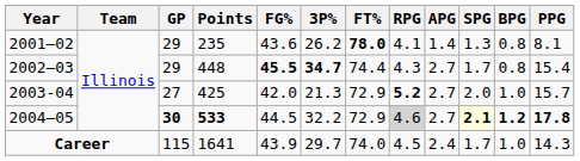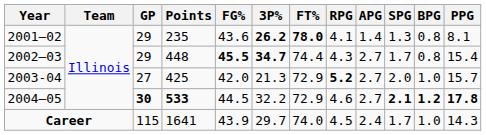 <table class="wikitable sortable">
 <tr>
 <th>Year</th>
 <th>Team</th>
 <th>GP</th>
 <th>Points</th>
 <th>FG%</th>
 <th>3P%</th>
 <th>FT%</th>
 <th>RPG</th>
 <th>APG</th>
 <th>SPG</th>
 <th>BPG</th>
 <th>PPG</th>
 </tr>
 <tr>
 <td>2001–02</td>
 <td rowspan=4><a href='#'>Illinois</a></td>
 <td>29</td>
 <td>235</td>
 <td>43.6</td>
-<td>26.2</td>
+<td><strong>26.2</strong></td>
 <td><strong>78.0</strong></td>
 <td>4.1</td>
 <td>1.4</td>
 <td>1.3</td>
 <td>0.8</td>
 <td>8.1</td>
 </tr>
 <tr>
 <td>2002–03</td>
 <td>29</td>
 <td>448</td>
 <td><strong>45.5</strong></td>
 <td><strong>34.7</strong></td>
 <td>74.4</td>
 <td>4.3</td>
 <td>2.7</td>
 <td>1.7</td>
 <td>0.8</td>
 <td>15.4</td>
 </tr>
 <tr>
 <td>2003-04</td>
 <td>27</td>
 <td>425</td>
 <td>42.0</td>
 <td>21.3</td>
 <td>72.9</td>
 <td><strong>5.2</strong></td>
 <td>2.7</td>
 <td>2.0</td>
 <td>1.0</td>
 <td>15.7</td>
 </tr>
 <tr>
 <td>2004–05</td>
 <td><strong>30</strong></td>
 <td><strong>533</strong></td>
 <td>44.5</td>
 <td>32.2</td>
 <td>72.9</td>
-<td style="background: lightgrey;">4.6</td>
+<td>4.6</td>
 <td>2.7</td>
-<td style="background: lightyellow;"><strong>2.1</strong></td>
+<td><strong>2.1</strong></td>
 <td><strong>1.2</strong></td>
 <td><strong>17.8</strong></td>
 </tr>
 <tr class="sortbottom">
 <td colspan=2 align=center><strong>Career</strong></td>
 <td>115</td>
 <td>1641</td>
 <td>43.9</td>
 <td>29.7</td>
 <td>74.0</td>
 <td>4.5</td>
 <td>2.4</td>
 <td>1.7</td>
 <td>1.0</td>
 <td>14.3</td>
 </tr>
 </table>
